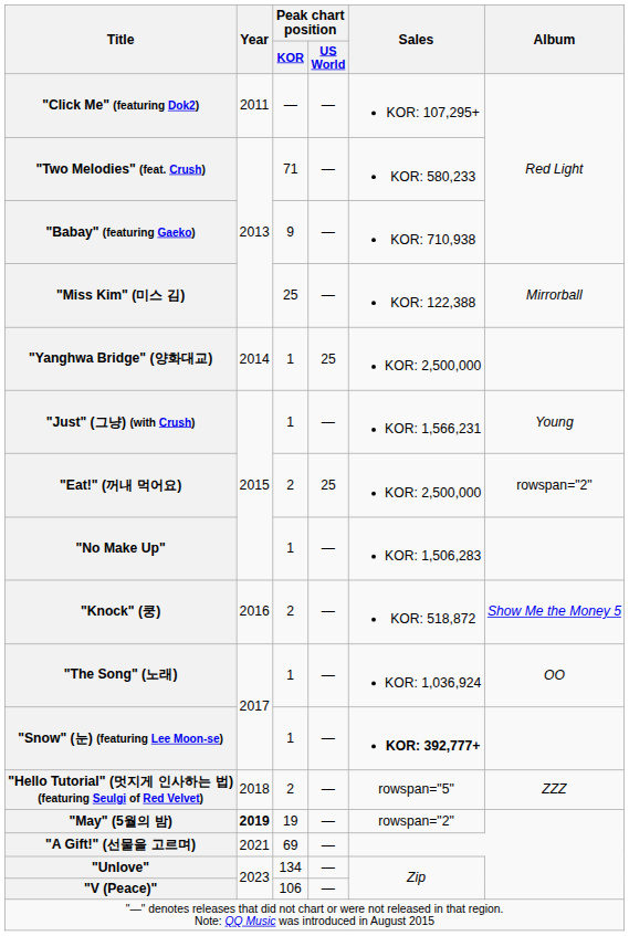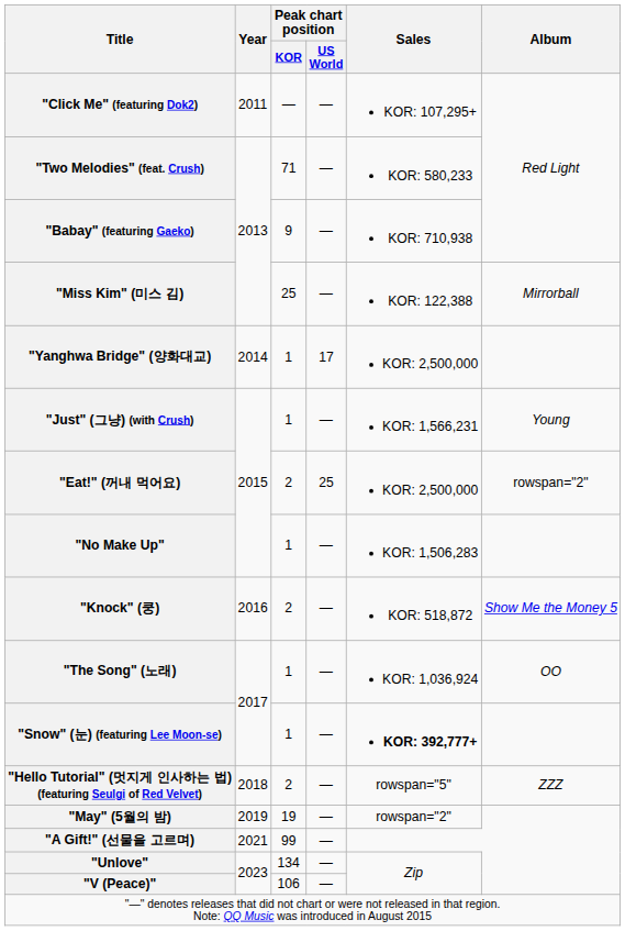 <table class="wikitable plainrowheaders" style="text-align:center">
 <tr>
 <th scope="col" rowspan="2">Title</th>
 <th scope="col" rowspan="2">Year</th>
 <th scope="col" colspan="2">Peak chart <br> position</th>
 <th scope="col" rowspan="2">Sales</th>
 <th scope="col" rowspan="2">Album</th>
 </tr>
 <tr>
 <th style="width:2.5em;font-size:90%"><a href='#'>KOR</a><br></th>
 <th style="width:2.5em;font-size:90%"><a href='#'>US<br>World</a></th>
 </tr>
 <tr>
 <th scope="row" align="left">"Click Me" <small>(featuring <a href='#'>Dok2</a>)</small></th>
 <td>2011</td>
 <td>—</td>
 <td>—</td>
 <td><br><ul><li>KOR: 107,295+</li></ul></td>
 <td rowspan=3><em>Red Light</em></td>
 </tr>
 <tr>
 <th scope="row" align="left">"Two Melodies" <small>(feat. <a href='#'>Crush</a>)</small></th>
 <td rowspan=3>2013</td>
 <td>71</td>
 <td>—</td>
 <td><br><ul><li>KOR: 580,233</li></ul></td>
 </tr>
 <tr>
 <th scope="row" align="left">"Babay" <small>(featuring <a href='#'>Gaeko</a>)</small></th>
 <td>9</td>
 <td>—</td>
 <td><br><ul><li>KOR: 710,938</li></ul></td>
 </tr>
 <tr>
 <th scope="row" align="left">"Miss Kim" (미스 김)</th>
 <td>25</td>
 <td>—</td>
 <td><br><ul><li>KOR: 122,388</li></ul></td>
 <td><em>Mirrorball</em></td>
 </tr>
 <tr>
 <th scope="row" align="left">"Yanghwa Bridge" (양화대교)</th>
 <td>2014</td>
 <td>1</td>
-<td>25</td>
+<td>17</td>
 <td><br><ul><li>KOR: 2,500,000</li></ul></td>
 <td></td>
 </tr>
 <tr>
 <th scope="row" align="left">"Just" (그냥) <small>(with <a href='#'>Crush</a>)</small></th>
 <td rowspan=3>2015</td>
 <td>1</td>
 <td>—</td>
 <td><br><ul><li>KOR: 1,566,231</li></ul></td>
 <td><em>Young</em></td>
 </tr>
 <tr>
 <th scope="row" align="left">"Eat!" (꺼내 먹어요)</th>
 <td>2</td>
 <td>25</td>
 <td><br><ul><li>KOR: 2,500,000</li></ul></td>
 <td>rowspan="2" </td>
 </tr>
 <tr>
 <th scope="row" align="left">"No Make Up"</th>
 <td>1</td>
 <td>—</td>
 <td><br><ul><li>KOR: 1,506,283</li></ul></td>
 </tr>
 <tr>
 <th scope="row" align="left">"Knock" (쿵)</th>
 <td>2016</td>
 <td>2</td>
 <td>—</td>
 <td><br><ul><li>KOR: 518,872</li></ul></td>
 <td><em><a href='#'>Show Me the Money 5</a></em></td>
 </tr>
 <tr>
 <th scope="row" align="left">"The Song" (노래)</th>
 <td rowspan=2>2017</td>
 <td>1</td>
 <td>—</td>
 <td><br><ul><li>KOR: 1,036,924</li></ul></td>
 <td><em>OO</em></td>
 </tr>
 <tr>
 <th scope="row" align="left">"Snow" (눈) <small>(featuring <a href='#'>Lee Moon-se</a>)</small></th>
 <td>1</td>
 <td>—</td>
 <td><strong><br><ul><li>KOR: 392,777+</li></ul></strong></td>
 <td></td>
 </tr>
 <tr>
 <th scope="row">"Hello Tutorial" (멋지게 인사하는 법)<br><small>(featuring <a href='#'>Seulgi</a> of <a href='#'>Red Velvet</a>)</small></th>
 <td>2018</td>
 <td>2</td>
 <td>—</td>
 <td>rowspan="5" </td>
 <td><em>ZZZ</em></td>
 </tr>
 <tr>
 <th scope="row">"May" (5월의 밤)</th>
-<td><strong>2019</strong></td>
+<td>2019</td>
 <td>19</td>
 <td>—</td>
 <td>rowspan="2" </td>
 </tr>
 <tr>
 <th scope="row">"A Gift!" (선물을 고르며)</th>
 <td>2021</td>
-<td>69</td>
+<td>99</td>
 <td>—</td>
 </tr>
 <tr>
 <th scope="row">"Unlove"</th>
 <td rowspan="2">2023</td>
 <td>134</td>
 <td>—</td>
 <td rowspan="2"><em>Zip</em></td>
 </tr>
 <tr>
 <th scope="row">"V (Peace)"<br></th>
 <td>106</td>
 <td>—</td>
 </tr>
 <tr>
 <td colspan="6" style="font-size:85%">"—" denotes releases that did not chart or were not released in that region.<br>Note: <em><a href='#'>QQ Music</a></em> was introduced in August 2015</td>
 </tr>
 </table>
